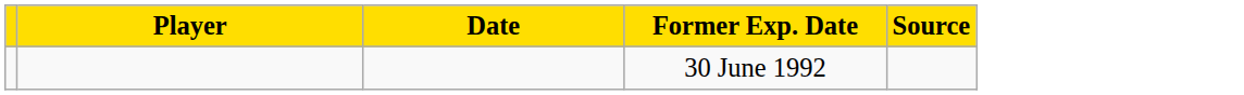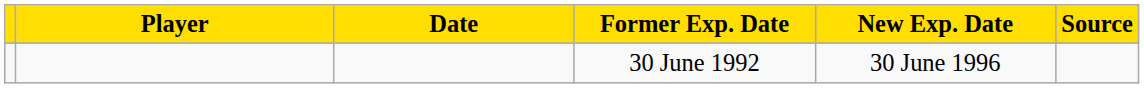 <table class="wikitable sortable">
 <tr>
 <th style="background:#FFDE00"></th>
 <th width=200 style="background:#FFDE00">Player</th>
 <th width=150 style="background:#FFDE00">Date</th>
 <th width=150 style="background:#FFDE00">Former Exp. Date</th>
+<th width=150 style="background:#FFDE00">New Exp. Date</th>
 <th style="background:#FFDE00">Source</th>
 </tr>
 <tr>
 <td align=center></td>
 <td></td>
 <td align=center></td>
 <td align=center>30 June 1992</td>
+<td align=center>30 June 1996</td>
 <td align=center></td>
 </tr>
 </table>
